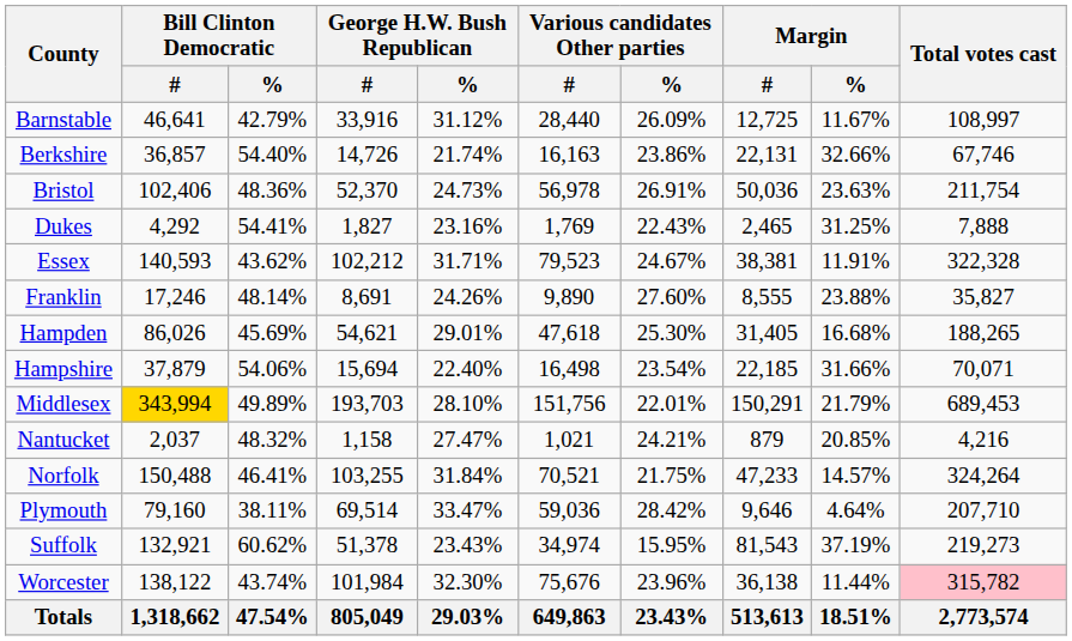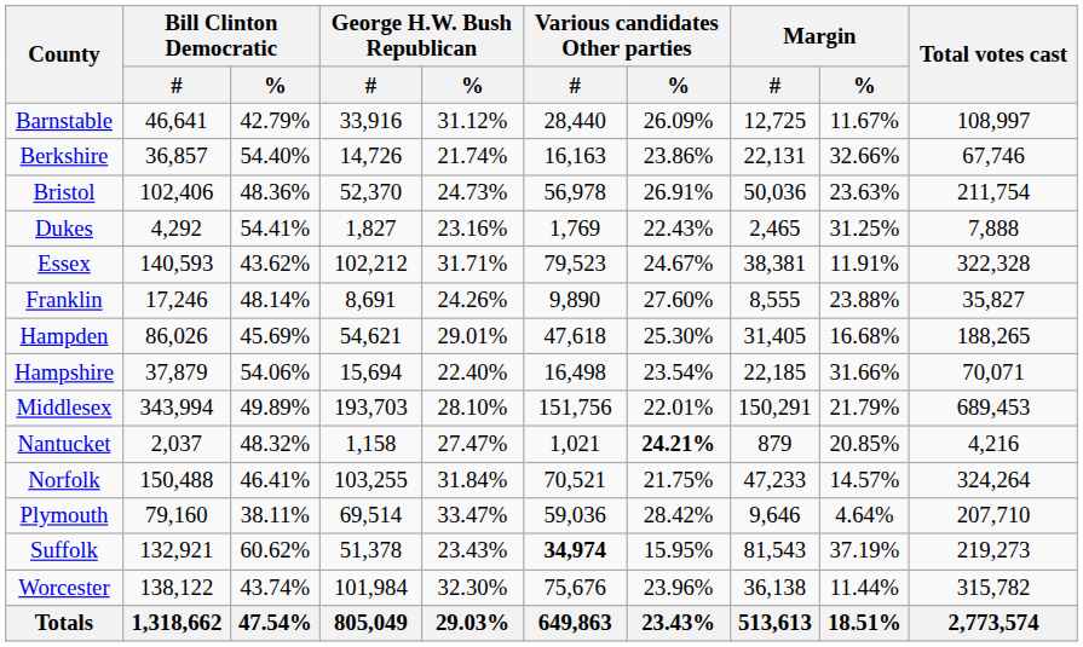 <table width="60%"  class="wikitable sortable" style="text-align:center">
 <tr>
 <th style="text-align:center;" rowspan="2">County</th>
 <th style="text-align:center;" colspan="2">Bill Clinton<br>Democratic</th>
 <th style="text-align:center;" colspan="2">George H.W. Bush<br>Republican</th>
 <th style="text-align:center;" colspan="2">Various candidates<br>Other parties</th>
 <th style="text-align:center;" colspan="2">Margin</th>
 <th style="text-align:center;" rowspan="2">Total votes cast</th>
 </tr>
 <tr>
 <th style="text-align:center;" data-sort-type="number">#</th>
 <th style="text-align:center;" data-sort-type="number">%</th>
 <th style="text-align:center;" data-sort-type="number">#</th>
 <th style="text-align:center;" data-sort-type="number">%</th>
 <th style="text-align:center;" data-sort-type="number">#</th>
 <th style="text-align:center;" data-sort-type="number">%</th>
 <th style="text-align:center;" data-sort-type="number">#</th>
 <th style="text-align:center;" data-sort-type="number">%</th>
 </tr>
 <tr style="text-align:center;">
 <td><a href='#'>Barnstable</a></td>
 <td>46,641</td>
 <td>42.79%</td>
 <td>33,916</td>
 <td>31.12%</td>
 <td>28,440</td>
 <td>26.09%</td>
 <td>12,725</td>
 <td>11.67%</td>
 <td>108,997</td>
 </tr>
 <tr style="text-align:center;">
 <td><a href='#'>Berkshire</a></td>
 <td>36,857</td>
 <td>54.40%</td>
 <td>14,726</td>
 <td>21.74%</td>
 <td>16,163</td>
 <td>23.86%</td>
 <td>22,131</td>
 <td>32.66%</td>
 <td>67,746</td>
 </tr>
 <tr style="text-align:center;">
 <td><a href='#'>Bristol</a></td>
 <td>102,406</td>
 <td>48.36%</td>
 <td>52,370</td>
 <td>24.73%</td>
 <td>56,978</td>
 <td>26.91%</td>
 <td>50,036</td>
 <td>23.63%</td>
 <td>211,754</td>
 </tr>
 <tr style="text-align:center;">
 <td><a href='#'>Dukes</a></td>
 <td>4,292</td>
 <td>54.41%</td>
 <td>1,827</td>
 <td>23.16%</td>
 <td>1,769</td>
 <td>22.43%</td>
 <td>2,465</td>
 <td>31.25%</td>
 <td>7,888</td>
 </tr>
 <tr style="text-align:center;">
 <td><a href='#'>Essex</a></td>
 <td>140,593</td>
 <td>43.62%</td>
 <td>102,212</td>
 <td>31.71%</td>
 <td>79,523</td>
 <td>24.67%</td>
 <td>38,381</td>
 <td>11.91%</td>
 <td>322,328</td>
 </tr>
 <tr style="text-align:center;">
 <td><a href='#'>Franklin</a></td>
 <td>17,246</td>
 <td>48.14%</td>
 <td>8,691</td>
 <td>24.26%</td>
 <td>9,890</td>
 <td>27.60%</td>
 <td>8,555</td>
 <td>23.88%</td>
 <td>35,827</td>
 </tr>
 <tr style="text-align:center;">
 <td><a href='#'>Hampden</a></td>
 <td>86,026</td>
 <td>45.69%</td>
 <td>54,621</td>
 <td>29.01%</td>
 <td>47,618</td>
 <td>25.30%</td>
 <td>31,405</td>
 <td>16.68%</td>
 <td>188,265</td>
 </tr>
 <tr style="text-align:center;">
 <td><a href='#'>Hampshire</a></td>
 <td>37,879</td>
 <td>54.06%</td>
 <td>15,694</td>
 <td>22.40%</td>
 <td>16,498</td>
 <td>23.54%</td>
 <td>22,185</td>
 <td>31.66%</td>
 <td>70,071</td>
 </tr>
 <tr style="text-align:center;">
 <td><a href='#'>Middlesex</a></td>
-<td style="background: gold;">343,994</td>
+<td>343,994</td>
 <td>49.89%</td>
 <td>193,703</td>
 <td>28.10%</td>
 <td>151,756</td>
 <td>22.01%</td>
 <td>150,291</td>
 <td>21.79%</td>
 <td>689,453</td>
 </tr>
 <tr style="text-align:center;">
 <td><a href='#'>Nantucket</a></td>
 <td>2,037</td>
 <td>48.32%</td>
 <td>1,158</td>
 <td>27.47%</td>
 <td>1,021</td>
-<td>24.21%</td>
+<td><strong>24.21%</strong></td>
 <td>879</td>
 <td>20.85%</td>
 <td>4,216</td>
 </tr>
 <tr style="text-align:center;">
 <td><a href='#'>Norfolk</a></td>
 <td>150,488</td>
 <td>46.41%</td>
 <td>103,255</td>
 <td>31.84%</td>
 <td>70,521</td>
 <td>21.75%</td>
 <td>47,233</td>
 <td>14.57%</td>
 <td>324,264</td>
 </tr>
 <tr style="text-align:center;">
 <td><a href='#'>Plymouth</a></td>
 <td>79,160</td>
 <td>38.11%</td>
 <td>69,514</td>
 <td>33.47%</td>
 <td>59,036</td>
 <td>28.42%</td>
 <td>9,646</td>
 <td>4.64%</td>
 <td>207,710</td>
 </tr>
 <tr style="text-align:center;">
 <td><a href='#'>Suffolk</a></td>
 <td>132,921</td>
 <td>60.62%</td>
 <td>51,378</td>
 <td>23.43%</td>
-<td>34,974</td>
+<td><strong>34,974</strong></td>
 <td>15.95%</td>
 <td>81,543</td>
 <td>37.19%</td>
 <td>219,273</td>
 </tr>
 <tr style="text-align:center;">
 <td><a href='#'>Worcester</a></td>
 <td>138,122</td>
 <td>43.74%</td>
 <td>101,984</td>
 <td>32.30%</td>
 <td>75,676</td>
 <td>23.96%</td>
 <td>36,138</td>
 <td>11.44%</td>
-<td style="background: pink;">315,782</td>
+<td>315,782</td>
 </tr>
 <tr>
 <th>Totals</th>
 <th>1,318,662</th>
 <th>47.54%</th>
 <th>805,049</th>
 <th>29.03%</th>
 <th>649,863</th>
 <th>23.43%</th>
 <th>513,613</th>
 <th>18.51%</th>
 <th>2,773,574</th>
 </tr>
 </table>
